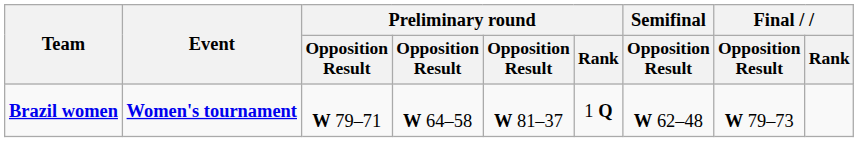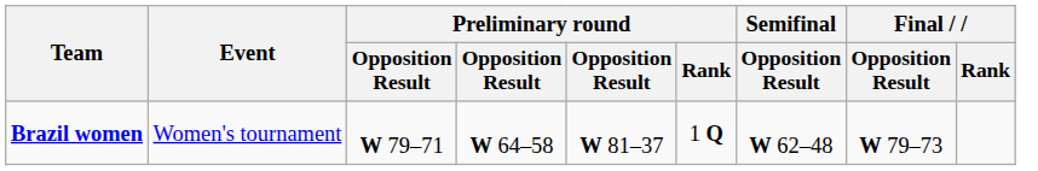 <table class=wikitable style=font-size:90%;text-align:center>
 <tr>
 <th rowspan=2>Team</th>
 <th rowspan=2>Event</th>
 <th colspan=4>Preliminary round</th>
 <th>Semifinal</th>
 <th colspan=2>Final /  / </th>
 </tr>
 <tr style=font-size:95%>
 <th>Opposition<br>Result</th>
 <th>Opposition<br>Result</th>
 <th>Opposition<br>Result</th>
 <th>Rank</th>
 <th>Opposition<br>Result</th>
 <th>Opposition<br>Result</th>
 <th>Rank</th>
 </tr>
 <tr>
 <td align=left><strong><a href='#'>Brazil women</a></strong></td>
-<td align=left><strong><a href='#'>Women's tournament</a></strong></td>
+<td align=left><a href='#'>Women's tournament</a></td>
 <td><br><strong>W</strong> 79–71</td>
 <td><br><strong>W</strong> 64–58</td>
 <td><br><strong>W</strong> 81–37</td>
 <td>1 <strong>Q</strong></td>
 <td><br><strong>W</strong> 62–48</td>
 <td><br><strong>W</strong> 79–73</td>
 <td></td>
 </tr>
 </table>
